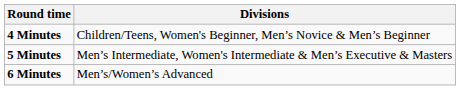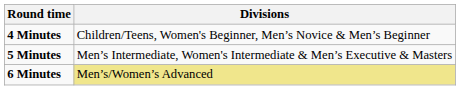 <table class="wikitable">
 <tr>
 <th>Round time</th>
 <th>Divisions</th>
 </tr>
 <tr>
 <td><strong>4 Minutes</strong></td>
 <td>Children/Teens, Women's Beginner, Men’s Novice & Men’s Beginner</td>
 </tr>
 <tr>
 <td><strong>5 Minutes</strong></td>
 <td>Men’s Intermediate, Women's Intermediate & Men’s Executive & Masters</td>
 </tr>
 <tr>
 <td><strong>6 Minutes</strong></td>
-<td>Men’s/Women’s Advanced</td>
+<td style="background: khaki;">Men’s/Women’s Advanced</td>
 </tr>
 </table>
